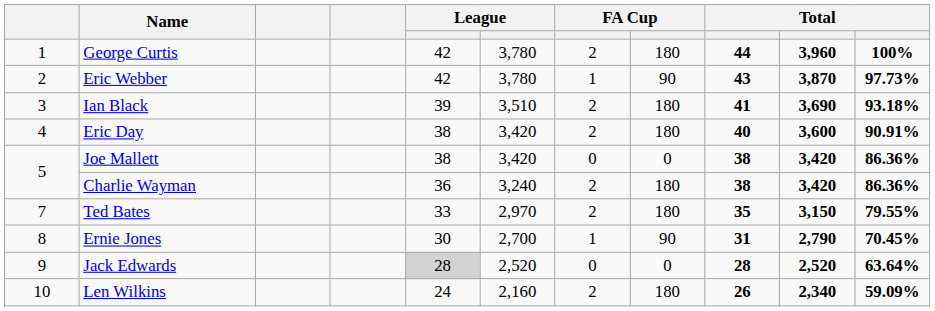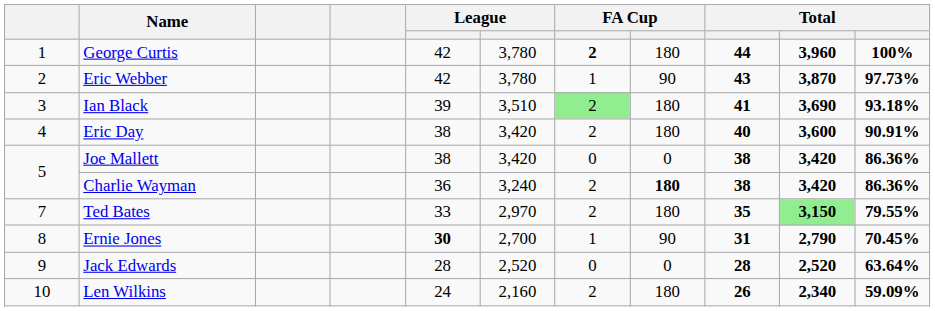 <table class="wikitable plainrowheaders" style="text-align:center;">
 <tr>
 <th scope="col" rowspan="2" style="width:4em;"></th>
 <th scope="col" rowspan="2" style="width:10em;">Name</th>
 <th scope="col" rowspan="2" style="width:4em;"></th>
 <th scope="col" rowspan="2" style="width:4em;"></th>
 <th scope="col" colspan="2">League</th>
 <th scope="col" colspan="2">FA Cup</th>
 <th scope="col" colspan="3">Total</th>
 </tr>
 <tr>
 <th scope="col" style="width:4em;"></th>
 <th scope="col" style="width:4em;"></th>
 <th scope="col" style="width:4em;"></th>
 <th scope="col" style="width:4em;"></th>
 <th scope="col" style="width:4em;"></th>
 <th scope="col" style="width:4em;"></th>
 <th scope="col" style="width:4em;"></th>
 </tr>
 <tr>
 <td>1</td>
 <td align="left"><a href='#'>George Curtis</a></td>
 <td></td>
 <td></td>
 <td>42</td>
 <td>3,780</td>
-<td>2</td>
+<td><strong>2</strong></td>
 <td>180</td>
 <td><strong>44</strong></td>
 <td><strong>3,960</strong></td>
 <td><strong>100%</strong></td>
 </tr>
 <tr>
 <td>2</td>
 <td align="left"><a href='#'>Eric Webber</a></td>
 <td></td>
 <td></td>
 <td>42</td>
 <td>3,780</td>
 <td>1</td>
 <td>90</td>
 <td><strong>43</strong></td>
 <td><strong>3,870</strong></td>
 <td><strong>97.73%</strong></td>
 </tr>
 <tr>
 <td>3</td>
 <td align="left"><a href='#'>Ian Black</a></td>
 <td></td>
 <td></td>
 <td>39</td>
 <td>3,510</td>
-<td>2</td>
+<td style="background: lightgreen;">2</td>
 <td>180</td>
 <td><strong>41</strong></td>
 <td><strong>3,690</strong></td>
 <td><strong>93.18%</strong></td>
 </tr>
 <tr>
 <td>4</td>
 <td align="left"><a href='#'>Eric Day</a></td>
 <td></td>
 <td></td>
 <td>38</td>
 <td>3,420</td>
 <td>2</td>
 <td>180</td>
 <td><strong>40</strong></td>
 <td><strong>3,600</strong></td>
 <td><strong>90.91%</strong></td>
 </tr>
 <tr>
 <td rowspan="2">5</td>
 <td align="left"><a href='#'>Joe Mallett</a></td>
 <td></td>
 <td></td>
 <td>38</td>
 <td>3,420</td>
 <td>0</td>
 <td>0</td>
 <td><strong>38</strong></td>
 <td><strong>3,420</strong></td>
 <td><strong>86.36%</strong></td>
 </tr>
 <tr>
 <td align="left"><a href='#'>Charlie Wayman</a></td>
 <td></td>
 <td></td>
 <td>36</td>
 <td>3,240</td>
 <td>2</td>
-<td>180</td>
+<td><strong>180</strong></td>
 <td><strong>38</strong></td>
 <td><strong>3,420</strong></td>
 <td><strong>86.36%</strong></td>
 </tr>
 <tr>
 <td>7</td>
 <td align="left"><a href='#'>Ted Bates</a></td>
 <td></td>
 <td></td>
 <td>33</td>
 <td>2,970</td>
 <td>2</td>
 <td>180</td>
 <td><strong>35</strong></td>
-<td><strong>3,150</strong></td>
+<td style="background: lightgreen;"><strong>3,150</strong></td>
 <td><strong>79.55%</strong></td>
 </tr>
 <tr>
 <td>8</td>
 <td align="left"><a href='#'>Ernie Jones</a></td>
 <td></td>
 <td></td>
-<td>30</td>
+<td><strong>30</strong></td>
 <td>2,700</td>
 <td>1</td>
 <td>90</td>
 <td><strong>31</strong></td>
 <td><strong>2,790</strong></td>
 <td><strong>70.45%</strong></td>
 </tr>
 <tr>
 <td>9</td>
 <td align="left"><a href='#'>Jack Edwards</a></td>
 <td></td>
 <td></td>
-<td style="background: lightgrey;">28</td>
+<td>28</td>
 <td>2,520</td>
 <td>0</td>
 <td>0</td>
 <td><strong>28</strong></td>
 <td><strong>2,520</strong></td>
 <td><strong>63.64%</strong></td>
 </tr>
 <tr>
 <td>10</td>
 <td align="left"><a href='#'>Len Wilkins</a></td>
 <td></td>
 <td></td>
 <td>24</td>
 <td>2,160</td>
 <td>2</td>
 <td>180</td>
 <td><strong>26</strong></td>
 <td><strong>2,340</strong></td>
 <td><strong>59.09%</strong></td>
 </tr>
 </table>
